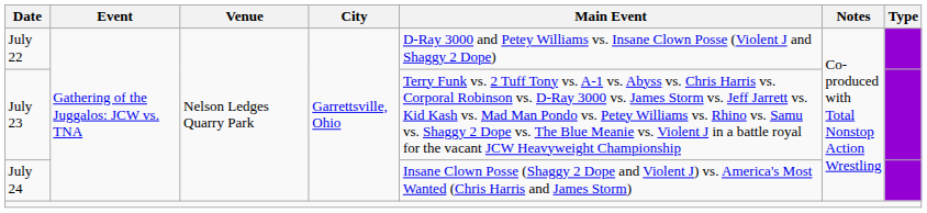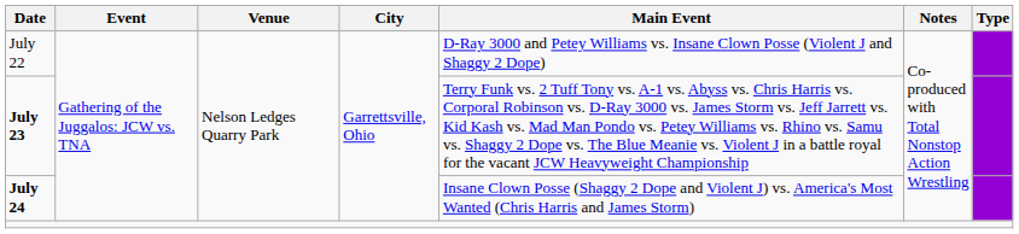 <table class="sortable wikitable succession-box" style="font-size:85%;">
 <tr>
 <th scope="col" style="width:5%;">Date</th>
 <th scope="col" style="width:15%;">Event</th>
 <th scope="col" style="width:15%;">Venue</th>
 <th scope="col" style="width:10%;">City</th>
 <th scope="col" style="width:50%;">Main Event</th>
 <th scope="col" style="width:10%;">Notes</th>
 <th scope="col" style="width:1%;">Type</th>
 </tr>
 <tr>
 <td>July 22</td>
 <td rowspan=3><a href='#'>Gathering of the Juggalos: JCW vs. TNA</a></td>
 <td rowspan=3>Nelson Ledges Quarry Park</td>
 <td rowspan=3><a href='#'>Garrettsville, Ohio</a></td>
 <td><a href='#'>D-Ray 3000</a> and <a href='#'>Petey Williams</a> vs. <a href='#'>Insane Clown Posse</a> (<a href='#'>Violent J</a> and <a href='#'>Shaggy 2 Dope</a>)</td>
 <td rowspan=3>Co-produced with <a href='#'>Total Nonstop Action Wrestling</a></td>
 <td style="background: darkviolet"></td>
 </tr>
 <tr>
-<td>July 23</td>
+<td><strong>July 23</strong></td>
 <td><a href='#'>Terry Funk</a> vs. <a href='#'>2 Tuff Tony</a> vs. <a href='#'>A-1</a> vs. <a href='#'>Abyss</a> vs. <a href='#'>Chris Harris</a> vs. <a href='#'>Corporal Robinson</a> vs. <a href='#'>D-Ray 3000</a> vs. <a href='#'>James Storm</a> vs. <a href='#'>Jeff Jarrett</a> vs. <a href='#'>Kid Kash</a> vs. <a href='#'>Mad Man Pondo</a> vs. <a href='#'>Petey Williams</a> vs. <a href='#'>Rhino</a> vs. <a href='#'>Samu</a> vs. <a href='#'>Shaggy 2 Dope</a> vs. <a href='#'>The Blue Meanie</a> vs. <a href='#'>Violent J</a> in a battle royal for the vacant <a href='#'>JCW Heavyweight Championship</a></td>
 <td style="background: darkviolet"></td>
 </tr>
 <tr>
-<td>July 24</td>
+<td><strong>July 24</strong></td>
 <td><a href='#'>Insane Clown Posse</a> (<a href='#'>Shaggy 2 Dope</a> and <a href='#'>Violent J</a>) vs. <a href='#'>America's Most Wanted</a> (<a href='#'>Chris Harris</a> and <a href='#'>James Storm</a>)</td>
 <td style="background: darkviolet"></td>
 </tr>
 <tr>
 <td colspan="7"></td>
 </tr>
 </table>
